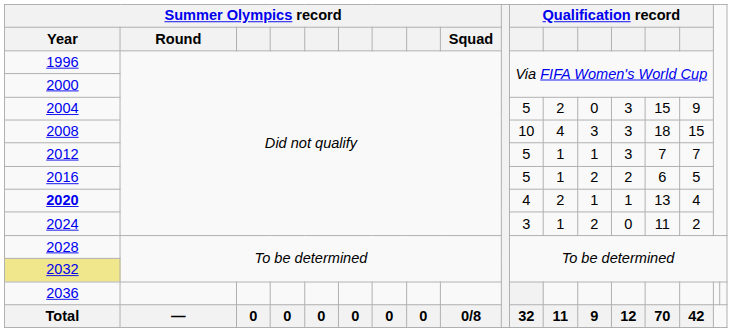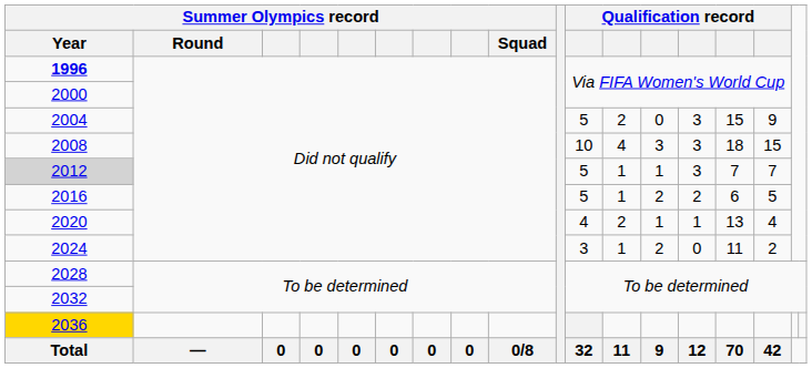 <table class="wikitable" style="text-align:center;">
 <tr>
 <th colspan=9><a href='#'>Summer Olympics</a> record</th>
 <th rowspan="14" width="1"></th>
 <th colspan="6"><a href='#'>Qualification</a> record</th>
 </tr>
 <tr>
 <th width=120>Year</th>
 <th width=120>Round</th>
 <th width=30></th>
 <th width=30></th>
 <th width=30></th>
 <th width=30></th>
 <th width=30></th>
 <th width=30></th>
 <th width=60>Squad</th>
 <th width=30></th>
 <th width=30></th>
 <th width=30></th>
 <th width=30></th>
 <th width=30></th>
 <th width=30></th>
 </tr>
 <tr>
-<td> <a href='#'>1996</a></td>
+<td><strong> <a href='#'>1996</a></strong></td>
 <td colspan=8 rowspan=8><em>Did not qualify</em></td>
 <td colspan="6" rowspan="2"><em>Via <a href='#'>FIFA Women's World Cup</a></em></td>
 </tr>
 <tr>
 <td> <a href='#'>2000</a></td>
 </tr>
 <tr>
 <td> <a href='#'>2004</a></td>
 <td>5</td>
 <td>2</td>
 <td>0</td>
 <td>3</td>
 <td>15</td>
 <td>9</td>
 </tr>
 <tr>
 <td> <a href='#'>2008</a></td>
 <td>10</td>
 <td>4</td>
 <td>3</td>
 <td>3</td>
 <td>18</td>
 <td>15</td>
 </tr>
 <tr>
-<td> <a href='#'>2012</a></td>
+<td style="background: lightgrey;"> <a href='#'>2012</a></td>
 <td>5</td>
 <td>1</td>
 <td>1</td>
 <td>3</td>
 <td>7</td>
 <td>7</td>
 </tr>
 <tr>
 <td> <a href='#'>2016</a></td>
 <td>5</td>
 <td>1</td>
 <td>2</td>
 <td>2</td>
 <td>6</td>
 <td>5</td>
 </tr>
 <tr>
-<td><strong> <a href='#'>2020</a></strong></td>
+<td> <a href='#'>2020</a></td>
 <td>4</td>
 <td>2</td>
 <td>1</td>
 <td>1</td>
 <td>13</td>
 <td>4</td>
 </tr>
 <tr>
 <td> <a href='#'>2024</a></td>
 <td>3</td>
 <td>1</td>
 <td>2</td>
 <td>0</td>
 <td>11</td>
 <td>2</td>
 </tr>
 <tr>
 <td> <a href='#'>2028</a></td>
 <td colspan=8 rowspan=2><em>To be determined</em></td>
 <td colspan=8 rowspan=2><em>To be determined</em></td>
 </tr>
 <tr>
-<td style="background: khaki;"> <a href='#'>2032</a></td>
+<td> <a href='#'>2032</a></td>
 </tr>
 <tr>
-<td> <a href='#'>2036</a></td>
+<td style="background: gold;"> <a href='#'>2036</a></td>
 <td></td>
 <td></td>
 <td></td>
 <td></td>
 <td></td>
 <td></td>
 <td></td>
 <td></td>
 <th></th>
 <td></td>
 <td></td>
 <td></td>
 <td></td>
 <td></td>
 <td></td>
 <td></td>
 </tr>
 <tr>
 <th>Total</th>
 <th>—</th>
 <th>0</th>
 <th>0</th>
 <th>0</th>
 <th>0</th>
 <th>0</th>
 <th>0</th>
 <th>0/8</th>
 <th>32</th>
 <th>11</th>
 <th>9</th>
 <th>12</th>
 <th>70</th>
 <th>42</th>
 </tr>
 </table>
